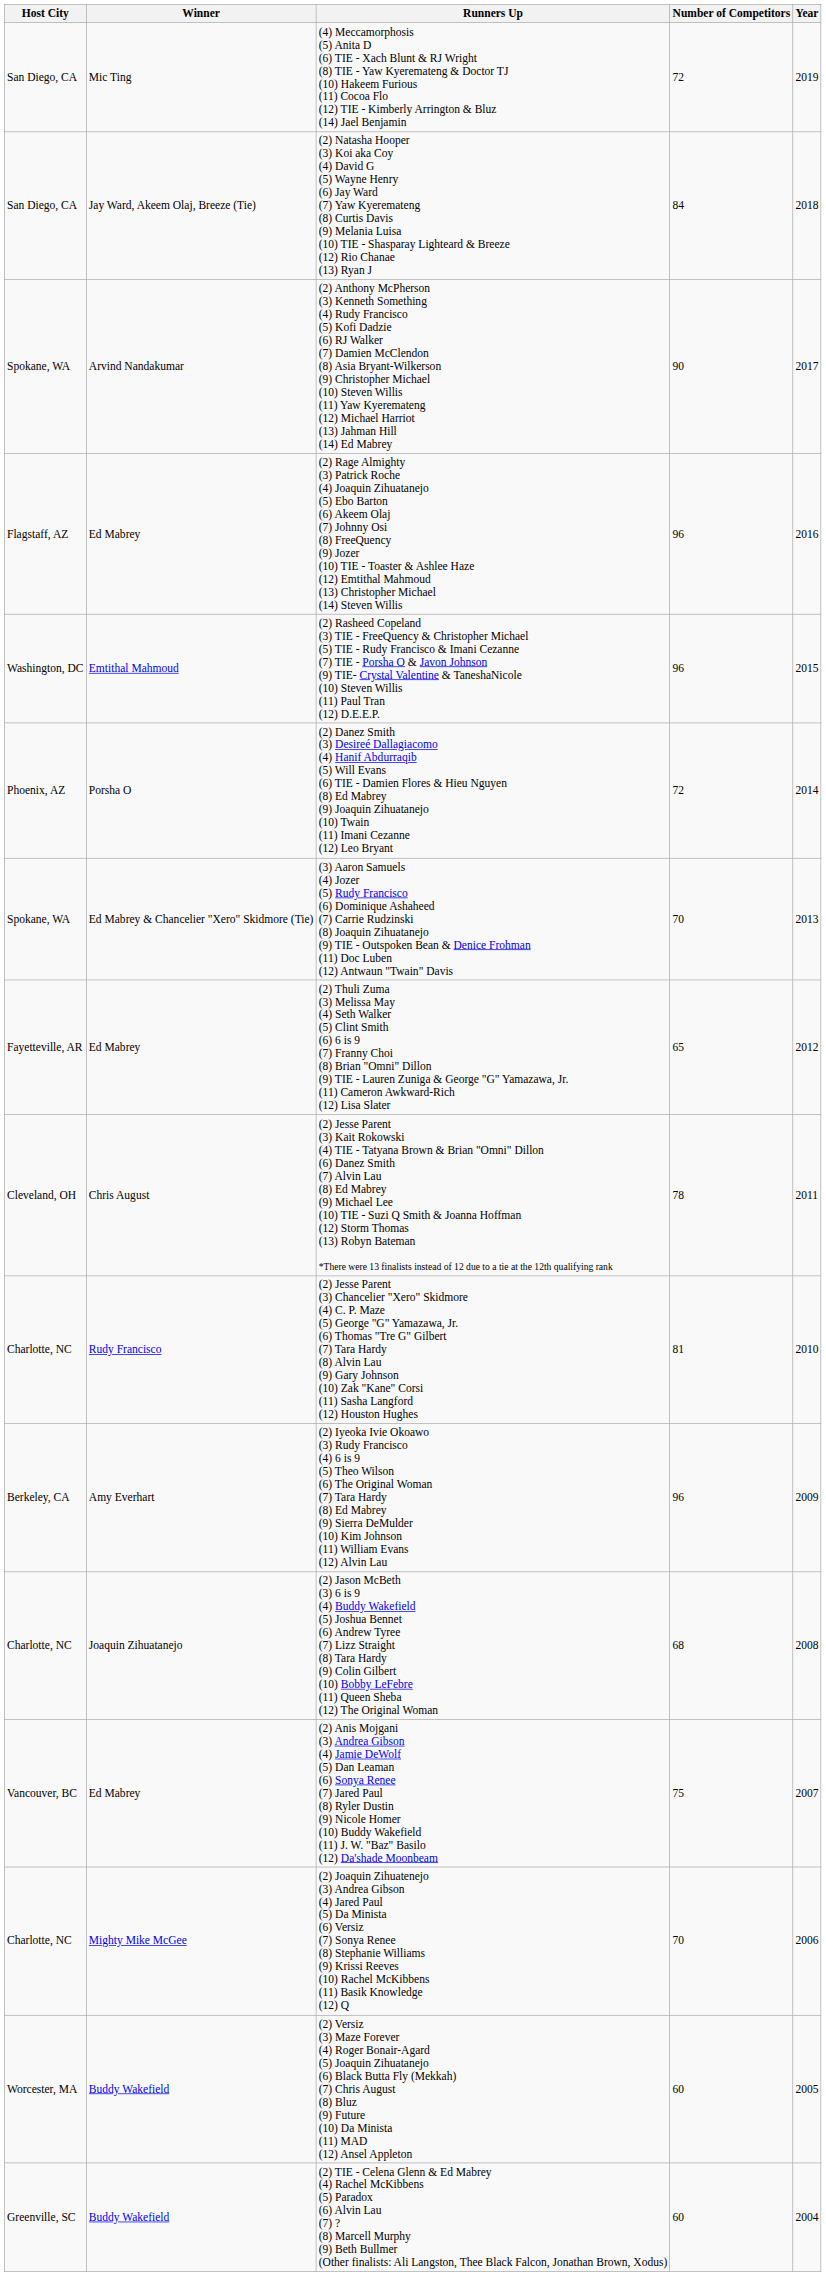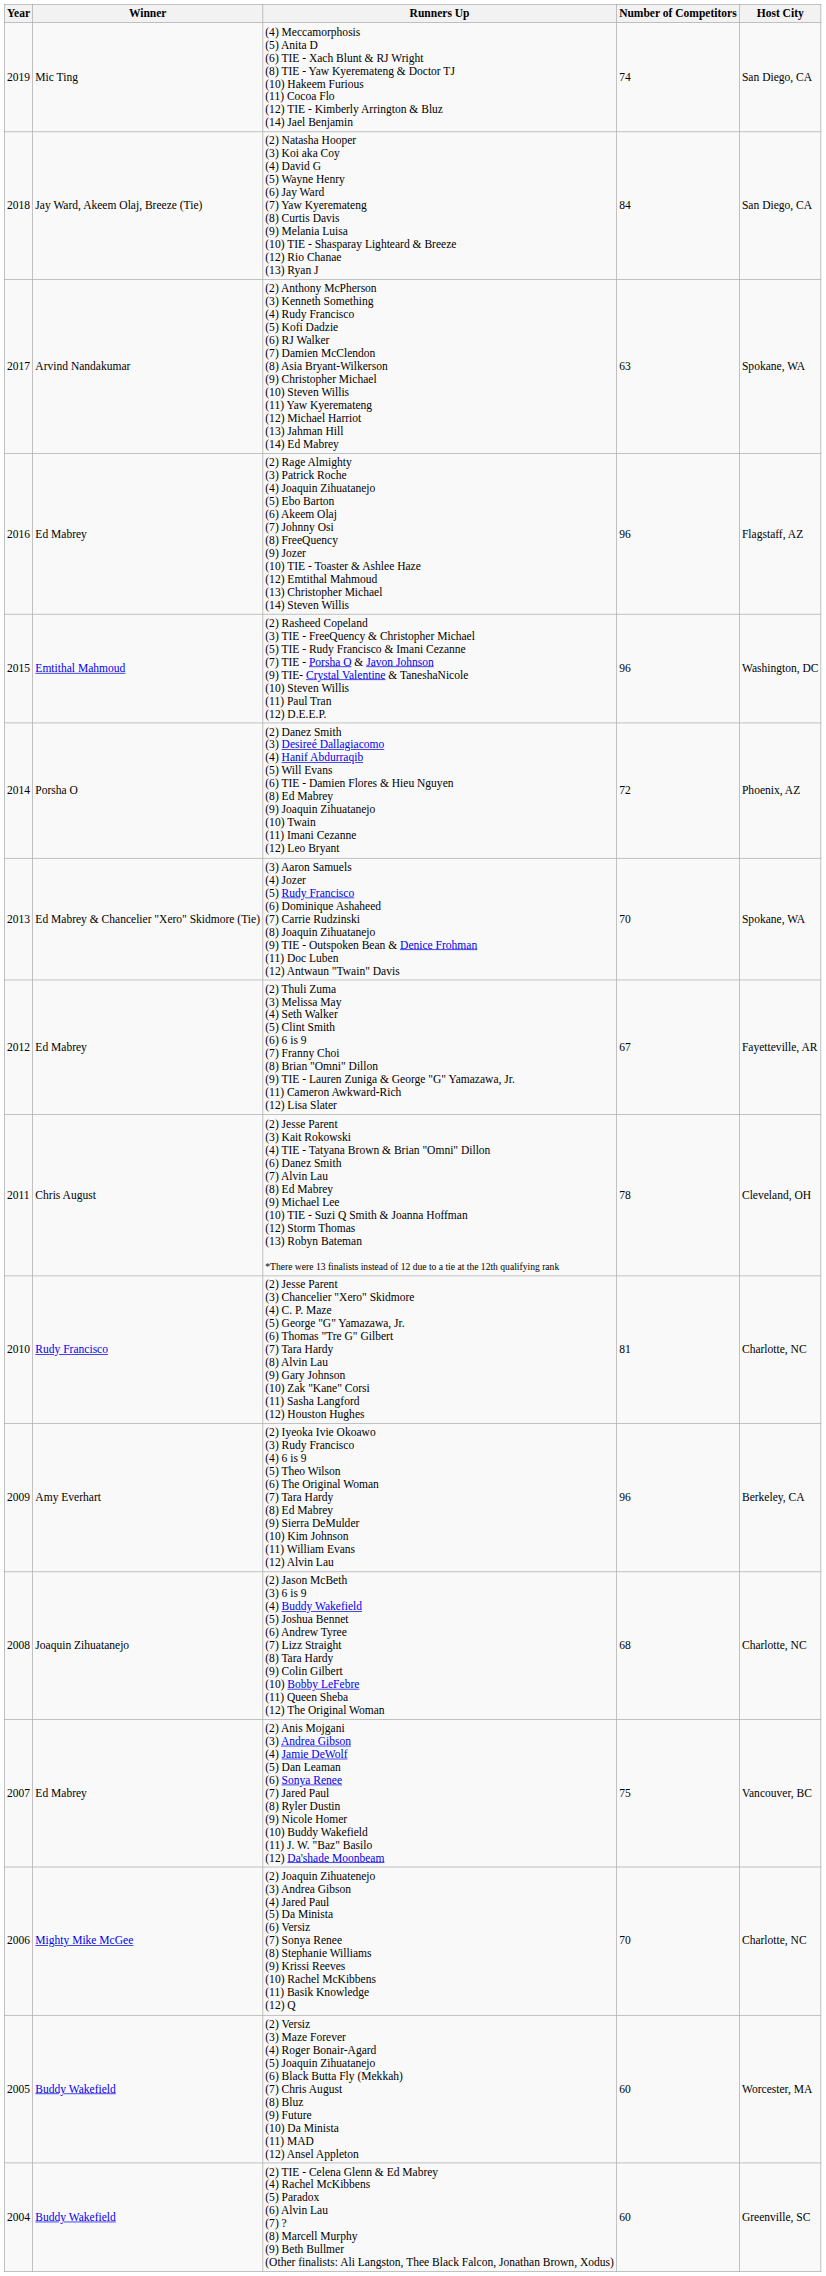 <table class="wikitable">
 <tr>
-<th>Host City</th>
+<th>Year</th>
 <th>Winner</th>
 <th>Runners Up</th>
 <th>Number of Competitors</th>
-<th>Year</th>
+<th>Host City</th>
 </tr>
 <tr>
-<td>San Diego, CA</td>
+<td>2019</td>
 <td>Mic Ting</td>
 <td>(4) Meccamorphosis<br>(5) Anita D<br>(6) TIE - Xach Blunt & RJ Wright<br>(8) TIE - Yaw Kyeremateng & Doctor TJ <br>(10) Hakeem Furious<br>(11) Cocoa Flo<br>(12) TIE - Kimberly Arrington & Bluz <br>(14) Jael Benjamin</td>
-<td>72</td>
-<td>2019</td>
+<td>74</td>
+<td>San Diego, CA</td>
 </tr>
 <tr>
-<td>San Diego, CA</td>
+<td>2018</td>
 <td>Jay Ward, Akeem Olaj, Breeze (Tie)</td>
 <td>(2) Natasha Hooper<br>(3) Koi aka Coy<br>(4) David G<br>(5) Wayne Henry<br>(6) Jay Ward<br>(7) Yaw Kyeremateng<br>(8) Curtis Davis<br>(9) Melania Luisa<br>(10) TIE - Shasparay Lighteard & Breeze<br>(12) Rio Chanae<br>(13) Ryan J</td>
 <td>84</td>
-<td>2018</td>
+<td>San Diego, CA</td>
 </tr>
 <tr>
-<td>Spokane, WA</td>
+<td>2017</td>
 <td>Arvind Nandakumar</td>
 <td>(2) Anthony McPherson<br>(3) Kenneth Something<br>(4) Rudy Francisco<br>(5) Kofi Dadzie<br>(6) RJ Walker<br>(7) Damien McClendon<br>(8) Asia Bryant-Wilkerson<br>(9) Christopher Michael<br>(10) Steven Willis<br>(11) Yaw Kyeremateng<br>(12) Michael Harriot<br>(13) Jahman Hill<br>(14) Ed Mabrey</td>
-<td>90</td>
-<td>2017</td>
+<td>63</td>
+<td>Spokane, WA</td>
 </tr>
 <tr>
-<td>Flagstaff, AZ</td>
+<td>2016</td>
 <td>Ed Mabrey</td>
 <td>(2) Rage Almighty<br>(3) Patrick Roche<br>(4) Joaquin Zihuatanejo<br>(5) Ebo Barton<br>(6) Akeem Olaj<br>(7) Johnny Osi<br>(8) FreeQuency<br>(9) Jozer<br>(10) TIE - Toaster & Ashlee Haze<br>(12) Emtithal Mahmoud<br>(13) Christopher Michael<br>(14) Steven Willis</td>
 <td>96</td>
-<td>2016</td>
+<td>Flagstaff, AZ</td>
 </tr>
 <tr>
-<td>Washington, DC</td>
+<td>2015</td>
 <td><a href='#'>Emtithal Mahmoud</a></td>
 <td>(2) Rasheed Copeland<br>(3) TIE - FreeQuency	& Christopher Michael<br>(5) TIE - Rudy Francisco & Imani Cezanne<br>(7) TIE - <a href='#'>Porsha O</a> & <a href='#'>Javon Johnson</a><br>(9) TIE- <a href='#'>Crystal Valentine</a> & TaneshaNicole <br>(10) Steven Willis<br> (11) Paul Tran<br>(12) D.E.E.P.</td>
 <td>96</td>
-<td>2015</td>
+<td>Washington, DC</td>
 </tr>
 <tr>
-<td>Phoenix, AZ</td>
+<td>2014</td>
 <td>Porsha O</td>
 <td>(2) Danez Smith<br>(3) <a href='#'>Desireé Dallagiacomo</a><br>(4) <a href='#'>Hanif Abdurraqib</a><br>(5) Will Evans<br>(6) TIE - Damien Flores & Hieu Nguyen<br>(8) Ed Mabrey<br> (9) Joaquin Zihuatanejo<br>(10) Twain<br> (11) Imani Cezanne<br>(12) Leo Bryant</td>
 <td>72</td>
-<td>2014</td>
+<td>Phoenix, AZ</td>
 </tr>
 <tr>
-<td>Spokane, WA</td>
+<td>2013</td>
 <td>Ed Mabrey & Chancelier "Xero" Skidmore (Tie)</td>
 <td>(3) Aaron Samuels<br>(4) Jozer<br> (5) <a href='#'>Rudy Francisco</a><br>(6) Dominique Ashaheed<br>(7) Carrie Rudzinski<br>(8) Joaquin Zihuatanejo<br> (9) TIE - Outspoken Bean & <a href='#'>Denice Frohman</a><br> (11) Doc Luben<br>(12) Antwaun "Twain" Davis</td>
 <td>70</td>
-<td>2013</td>
+<td>Spokane, WA</td>
 </tr>
 <tr>
-<td>Fayetteville, AR</td>
+<td>2012</td>
 <td>Ed Mabrey</td>
 <td>(2) Thuli Zuma<br>(3) Melissa May<br>(4) Seth Walker<br> (5) Clint Smith<br>(6) 6 is 9<br>(7) Franny Choi<br>(8) Brian "Omni" Dillon<br> (9) TIE - Lauren Zuniga & George "G" Yamazawa, Jr.<br> (11) Cameron Awkward-Rich<br>(12) Lisa Slater</td>
-<td>65</td>
-<td>2012</td>
+<td>67</td>
+<td>Fayetteville, AR</td>
 </tr>
 <tr>
-<td>Cleveland, OH</td>
+<td>2011</td>
 <td>Chris August</td>
 <td>(2) Jesse Parent<br>(3) Kait Rokowski<br>(4) TIE - Tatyana Brown & Brian "Omni" Dillon<br> (6) Danez Smith<br>(7) Alvin Lau<br>(8) Ed Mabrey<br>(9) Michael Lee<br> (10) TIE - Suzi Q Smith & Joanna Hoffman<br> (12) Storm Thomas<br>(13) Robyn Bateman<br><br><small>*There were 13 finalists instead of 12 due to a tie at the 12th qualifying rank</small></td>
 <td>78</td>
-<td>2011</td>
+<td>Cleveland, OH</td>
 </tr>
 <tr>
-<td>Charlotte, NC</td>
+<td>2010</td>
 <td><a href='#'>Rudy Francisco</a></td>
 <td>(2) Jesse Parent<br>(3) Chancelier "Xero" Skidmore<br>(4) C. P. Maze<br>(5) George "G" Yamazawa, Jr.<br>(6) Thomas "Tre G" Gilbert<br>(7) Tara Hardy<br>(8) Alvin Lau<br>(9) Gary Johnson<br>(10) Zak "Kane" Corsi<br>(11) Sasha Langford<br>(12) Houston Hughes</td>
 <td>81</td>
-<td>2010</td>
+<td>Charlotte, NC</td>
 </tr>
 <tr>
-<td>Berkeley, CA</td>
+<td>2009</td>
 <td>Amy Everhart</td>
 <td>(2) Iyeoka Ivie Okoawo<br>(3) Rudy Francisco<br>(4) 6 is 9<br>(5) Theo Wilson<br>(6) The Original Woman<br>(7) Tara Hardy<br>(8) Ed Mabrey<br>(9) Sierra DeMulder<br>(10) Kim Johnson<br>(11) William Evans<br>(12) Alvin Lau</td>
 <td>96</td>
-<td>2009</td>
+<td>Berkeley, CA</td>
 </tr>
 <tr>
-<td>Charlotte, NC</td>
+<td>2008</td>
 <td>Joaquin Zihuatanejo</td>
 <td>(2) Jason McBeth<br>(3) 6 is 9<br>(4) <a href='#'>Buddy Wakefield</a><br>(5) Joshua Bennet<br>(6) Andrew Tyree<br>(7) Lizz Straight<br>(8) Tara Hardy<br>(9) Colin Gilbert<br>(10) <a href='#'>Bobby LeFebre</a><br>(11) Queen Sheba<br>(12) The Original Woman</td>
 <td>68</td>
-<td>2008</td>
+<td>Charlotte, NC</td>
 </tr>
 <tr>
-<td>Vancouver, BC</td>
+<td>2007</td>
 <td>Ed Mabrey</td>
 <td>(2) Anis Mojgani<br>(3) <a href='#'>Andrea Gibson</a><br>(4) <a href='#'>Jamie DeWolf</a><br>(5) Dan Leaman<br>(6) <a href='#'>Sonya Renee</a><br>(7) Jared Paul<br>(8) Ryler Dustin<br>(9) Nicole Homer<br>(10) Buddy Wakefield<br>(11) J. W. "Baz" Basilo<br>(12) <a href='#'>Da'shade Moonbeam</a></td>
 <td>75</td>
-<td>2007</td>
+<td>Vancouver, BC</td>
 </tr>
 <tr>
-<td>Charlotte, NC</td>
+<td>2006</td>
 <td><a href='#'>Mighty Mike McGee</a></td>
 <td>(2) Joaquin Zihuatenejo<br>(3) Andrea Gibson<br>(4) Jared Paul<br>(5) Da Minista<br>(6) Versiz<br>(7) Sonya Renee<br>(8) Stephanie Williams<br>(9) Krissi Reeves<br>(10) Rachel McKibbens<br>(11) Basik Knowledge<br>(12) Q</td>
 <td>70</td>
-<td>2006</td>
+<td>Charlotte, NC</td>
 </tr>
 <tr>
-<td>Worcester, MA</td>
+<td>2005</td>
 <td><a href='#'>Buddy Wakefield</a></td>
 <td>(2) Versiz<br>(3) Maze Forever<br>(4) Roger Bonair-Agard<br>(5) Joaquin Zihuatanejo<br>(6) Black Butta Fly (Mekkah)<br>(7) Chris August<br>(8) Bluz<br>(9) Future<br>(10) Da Minista<br>(11) MAD<br>(12) Ansel Appleton</td>
 <td>60</td>
-<td>2005</td>
+<td>Worcester, MA</td>
 </tr>
 <tr>
-<td>Greenville, SC</td>
+<td>2004</td>
 <td><a href='#'>Buddy Wakefield</a></td>
 <td>(2) TIE - Celena Glenn & Ed Mabrey<br>(4) Rachel McKibbens<br>(5) Paradox<br>(6) Alvin Lau<br>(7) ?<br>(8) Marcell Murphy <br>(9) Beth Bullmer<br>(Other finalists: Ali Langston, Thee Black Falcon, Jonathan Brown, Xodus)</td>
 <td>60</td>
-<td>2004</td>
+<td>Greenville, SC</td>
 </tr>
 </table>
